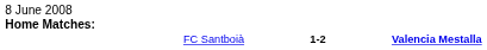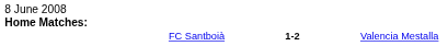 <table width=100% cellspacing=1>
 <tr>
 <th width=20%></th>
 <th width=12%></th>
 <th width=20%></th>
 <th></th>
 </tr>
 <tr>
 <td>8 June 2008<br><strong>Home Matches:</strong></td>
 </tr>
 <tr style=font-size:90%>
 <td align=right><a href='#'>FC Santboià</a></td>
 <td align=center><strong>1-2</strong></td>
-<td><strong><a href='#'>Valencia Mestalla</a></strong></td>
+<td><a href='#'>Valencia Mestalla</a></td>
 </tr>
 </table>
